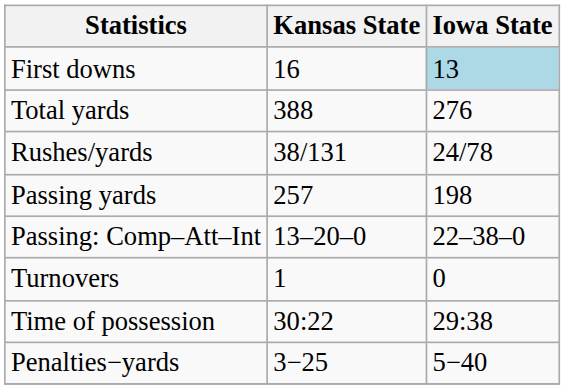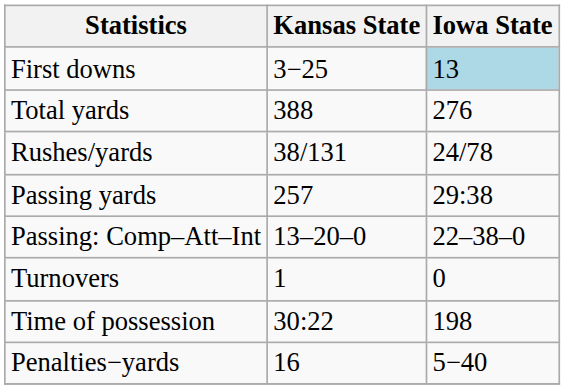 <table class="wikitable" style="float: left;">
 <tr>
 <th>Statistics</th>
 <th>Kansas State</th>
 <th>Iowa State</th>
 </tr>
 <tr>
 <td>First downs</td>
-<td>16</td>
+<td>3−25</td>
 <td style="background: lightblue;">13</td>
 </tr>
 <tr>
 <td>Total yards</td>
 <td>388</td>
 <td>276</td>
 </tr>
 <tr>
 <td>Rushes/yards</td>
 <td>38/131</td>
 <td>24/78</td>
 </tr>
 <tr>
 <td>Passing yards</td>
 <td>257</td>
-<td>198</td>
+<td>29:38</td>
 </tr>
 <tr>
 <td>Passing: Comp–Att–Int</td>
 <td>13–20–0</td>
 <td>22–38–0</td>
 </tr>
 <tr>
 <td>Turnovers</td>
 <td>1</td>
 <td>0</td>
 </tr>
 <tr>
 <td>Time of possession</td>
 <td>30:22</td>
-<td>29:38</td>
+<td>198</td>
 </tr>
 <tr>
 <td>Penalties−yards</td>
-<td>3−25</td>
+<td>16</td>
 <td>5−40</td>
 </tr>
 <tr>
 </tr>
 </table>
